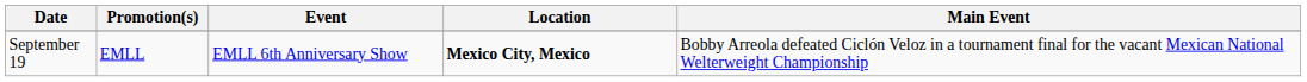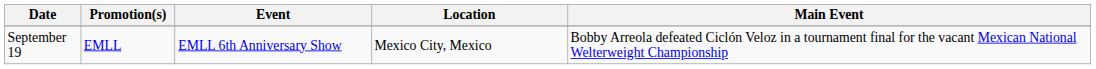 <table class="wikitable" style="width:100%;">
 <tr>
 <th width=5%>Date</th>
 <th width=5%>Promotion(s)</th>
 <th style="width:15%;">Event</th>
 <th style="width:15%;">Location</th>
 <th style="width:40%;">Main Event</th>
 </tr>
 <tr style="width:20%;"| Notes>
 </tr>
 <tr>
 <td>September 19</td>
 <td><a href='#'>EMLL</a></td>
 <td><a href='#'>EMLL 6th Anniversary Show</a></td>
-<td><strong>Mexico City, Mexico</strong></td>
+<td>Mexico City, Mexico</td>
 <td>Bobby Arreola defeated Ciclón Veloz in a tournament final for the vacant <a href='#'>Mexican National Welterweight Championship</a></td>
 </tr>
 </table>
